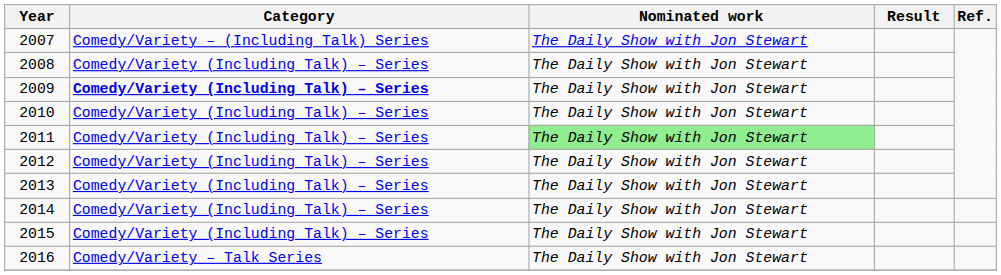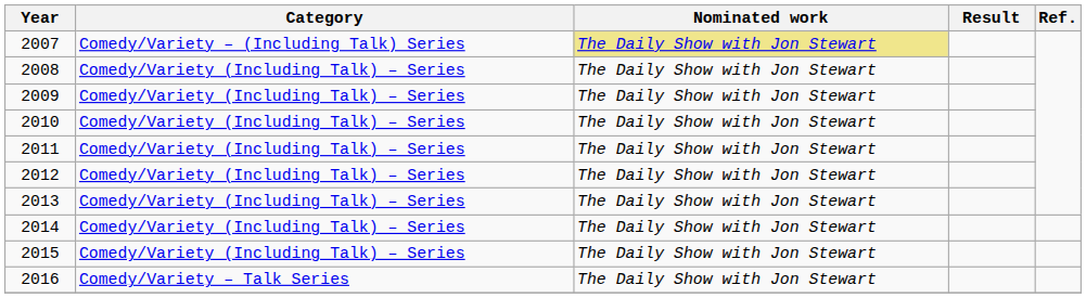 <table class=wikitable>
 <tr>
 <th scope="col" style="width:4em;">Year</th>
 <th scope="col" style="width:32em;">Category</th>
 <th scope="col" style="width:24em;">Nominated work</th>
 <th scope="col" style="width:5em;">Result</th>
 <th>Ref.</th>
 </tr>
 <tr>
 <td style="text-align:center;">2007</td>
 <td><a href='#'>Comedy/Variety – (Including Talk) Series</a></td>
-<td><em><a href='#'>The Daily Show with Jon Stewart</a></em></td>
+<td style="background: khaki;"><em><a href='#'>The Daily Show with Jon Stewart</a></em></td>
 <td></td>
 </tr>
 <tr>
 <td style="text-align:center;">2008</td>
 <td><a href='#'>Comedy/Variety (Including Talk) – Series</a></td>
 <td><em>The Daily Show with Jon Stewart</em></td>
 <td></td>
 </tr>
 <tr>
 <td style="text-align:center;">2009</td>
-<td><strong><a href='#'>Comedy/Variety (Including Talk) – Series</a></strong></td>
+<td><a href='#'>Comedy/Variety (Including Talk) – Series</a></td>
 <td><em>The Daily Show with Jon Stewart</em></td>
 <td></td>
 </tr>
 <tr>
 <td style="text-align:center;">2010</td>
 <td><a href='#'>Comedy/Variety (Including Talk) – Series</a></td>
 <td><em>The Daily Show with Jon Stewart</em></td>
 <td></td>
 </tr>
 <tr>
 <td style="text-align:center;">2011</td>
 <td><a href='#'>Comedy/Variety (Including Talk) – Series</a></td>
-<td style="background: lightgreen;"><em>The Daily Show with Jon Stewart</em></td>
+<td><em>The Daily Show with Jon Stewart</em></td>
 <td></td>
 </tr>
 <tr>
 <td style="text-align:center;">2012</td>
 <td><a href='#'>Comedy/Variety (Including Talk) – Series</a></td>
 <td><em>The Daily Show with Jon Stewart</em></td>
 <td></td>
 </tr>
 <tr>
 <td style="text-align:center;">2013</td>
 <td><a href='#'>Comedy/Variety (Including Talk) – Series</a></td>
 <td><em>The Daily Show with Jon Stewart</em></td>
 <td></td>
 </tr>
 <tr>
 <td style="text-align:center;">2014</td>
 <td><a href='#'>Comedy/Variety (Including Talk) – Series</a></td>
 <td><em>The Daily Show with Jon Stewart</em></td>
 <td></td>
 <td></td>
 </tr>
 <tr>
 <td style="text-align:center;">2015</td>
 <td><a href='#'>Comedy/Variety (Including Talk) – Series</a></td>
 <td><em>The Daily Show with Jon Stewart</em></td>
 <td></td>
 <td></td>
 </tr>
 <tr>
 <td style="text-align:center;">2016</td>
 <td><a href='#'>Comedy/Variety – Talk Series</a></td>
 <td><em>The Daily Show with Jon Stewart</em></td>
 <td></td>
 <td></td>
 </tr>
 <tr>
 </tr>
 </table>
